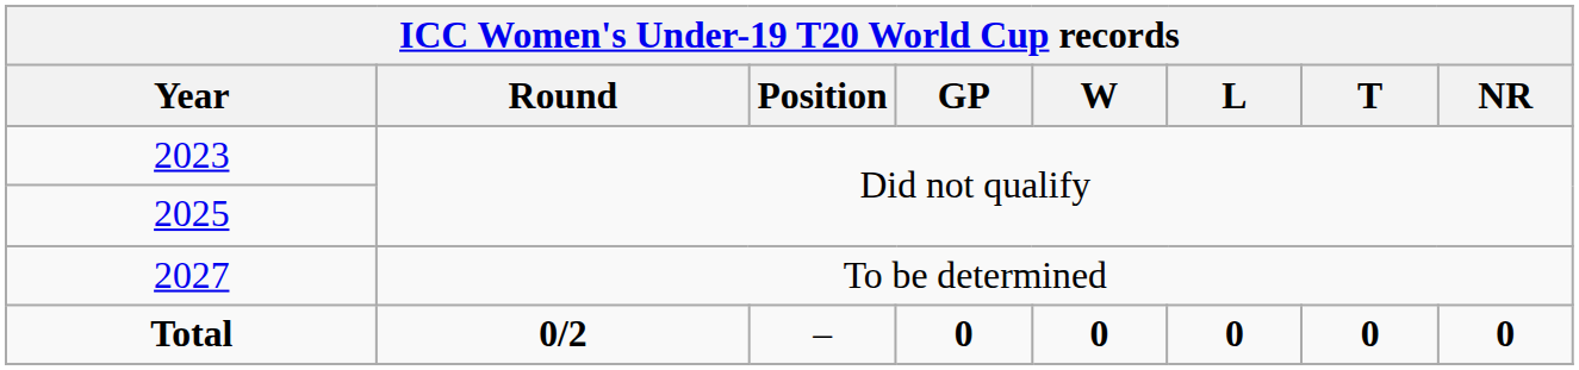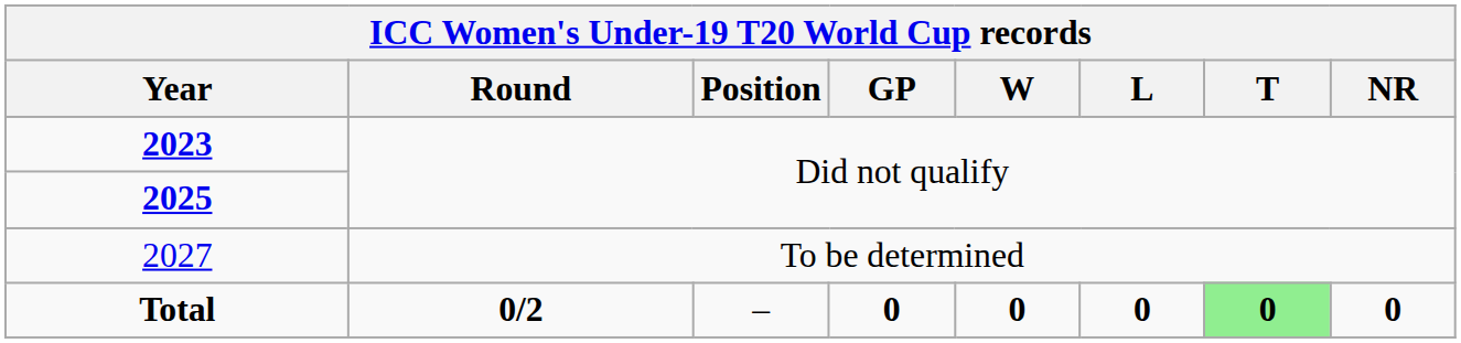 <table class="wikitable" style="text-align: center; width=900px;">
 <tr>
 <th colspan=9><a href='#'>ICC Women's Under-19 T20 World Cup</a> records</th>
 </tr>
 <tr>
 <th width=150>Year</th>
 <th width=150>Round</th>
 <th width=50>Position</th>
 <th width=50>GP</th>
 <th width=50>W</th>
 <th width=50>L</th>
 <th width=50>T</th>
 <th width=50>NR</th>
 </tr>
 <tr>
-<td> <a href='#'>2023</a></td>
+<td><strong> <a href='#'>2023</a></strong></td>
 <td colspan=8 rowspan=2>Did not qualify</td>
 </tr>
 <tr>
-<td> <a href='#'>2025</a></td>
+<td><strong> <a href='#'>2025</a></strong></td>
 </tr>
 <tr>
 <td>  <a href='#'>2027</a></td>
 <td colspan=8>To be determined</td>
 </tr>
 <tr>
 <td><strong>Total</strong></td>
 <td><strong>0/2</strong></td>
 <td>–</td>
 <td><strong>0</strong></td>
 <td><strong>0</strong></td>
 <td><strong>0</strong></td>
-<td><strong>0</strong></td>
+<td style="background: lightgreen;"><strong>0</strong></td>
 <td><strong>0</strong></td>
 </tr>
 </table>
